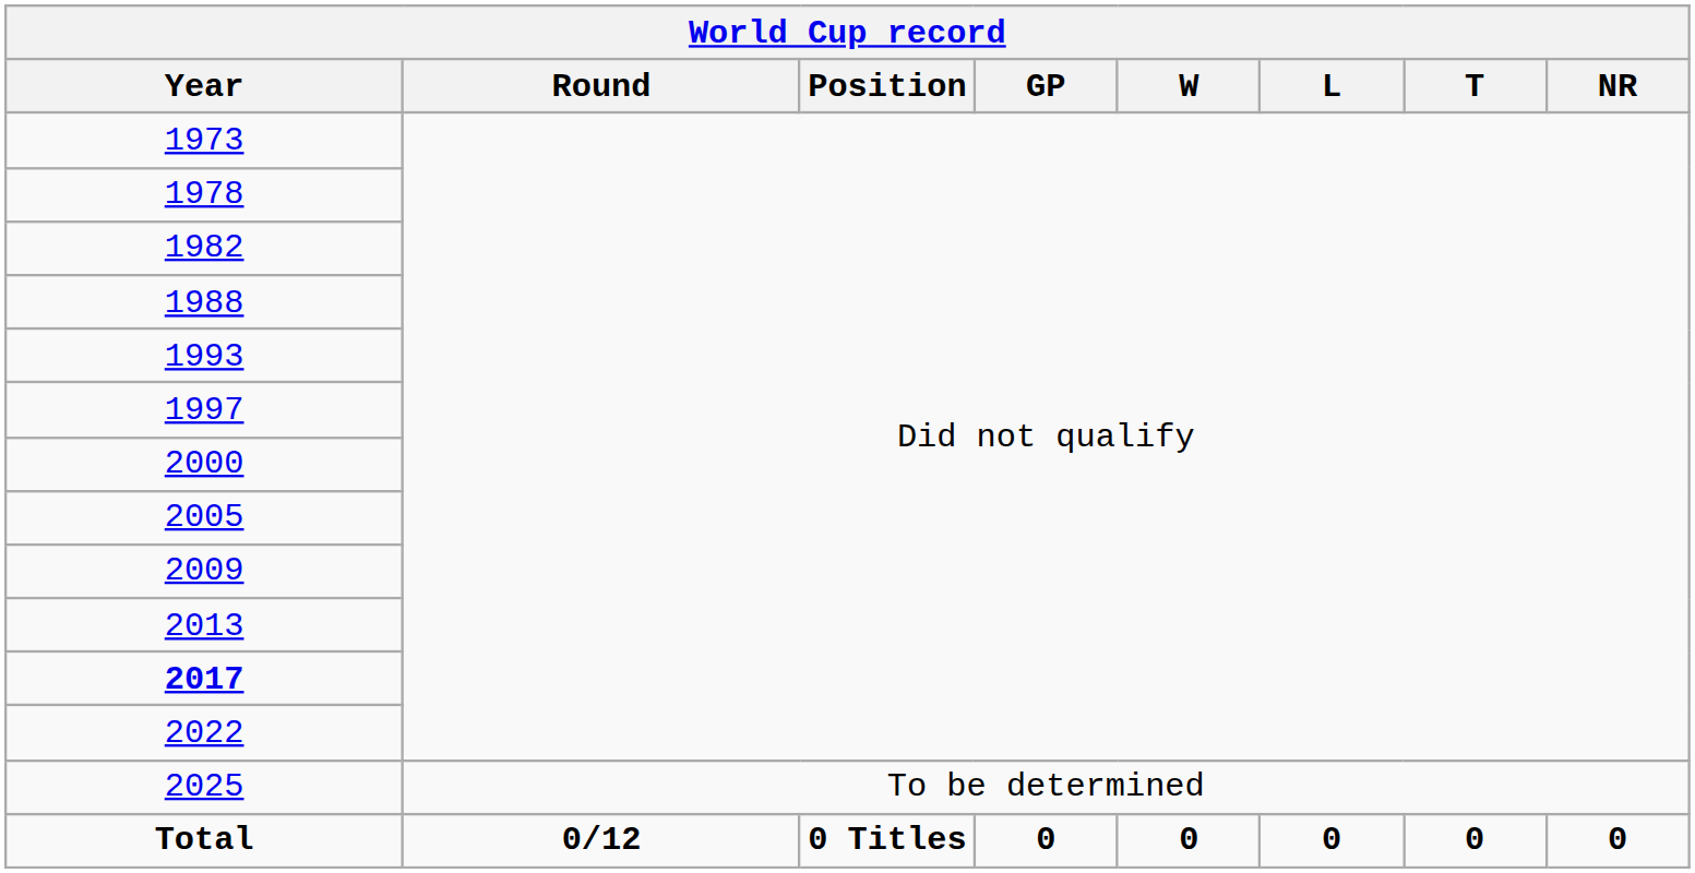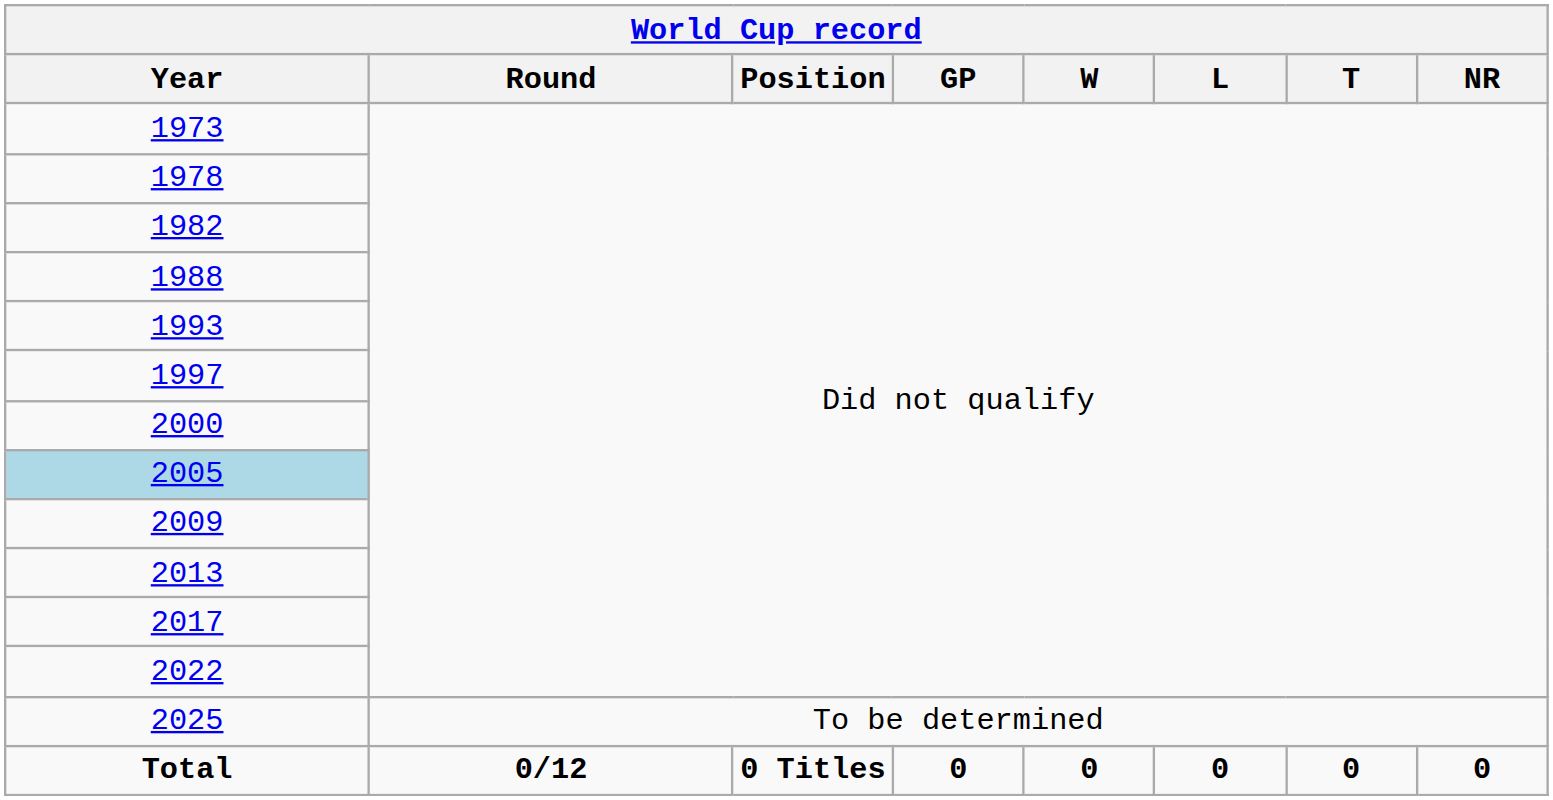 <table class="wikitable" style="text-align: center;">
 <tr>
 <th colspan=8><a href='#'>World Cup record</a></th>
 </tr>
 <tr>
 <th width=150>Year</th>
 <th width=150>Round</th>
 <th width=50>Position</th>
 <th width=50>GP</th>
 <th width=50>W</th>
 <th width=50>L</th>
 <th width=50>T</th>
 <th width=50>NR</th>
 </tr>
 <tr>
 <td> <a href='#'>1973</a></td>
 <td colspan=7  rowspan=12>Did not qualify</td>
 </tr>
 <tr>
 <td> <a href='#'>1978</a></td>
 </tr>
 <tr>
 <td> <a href='#'>1982</a></td>
 </tr>
 <tr>
 <td> <a href='#'>1988</a></td>
 </tr>
 <tr>
 <td> <a href='#'>1993</a></td>
 </tr>
 <tr>
 <td> <a href='#'>1997</a></td>
 </tr>
 <tr>
 <td> <a href='#'>2000</a></td>
 </tr>
 <tr>
-<td> <a href='#'>2005</a></td>
+<td style="background: lightblue;"> <a href='#'>2005</a></td>
 </tr>
 <tr>
 <td> <a href='#'>2009</a></td>
 </tr>
 <tr>
 <td> <a href='#'>2013</a></td>
 </tr>
 <tr>
-<td><strong> <a href='#'>2017</a></strong></td>
+<td> <a href='#'>2017</a></td>
 </tr>
 <tr>
 <td> <a href='#'>2022</a></td>
 </tr>
 <tr>
 <td> <a href='#'>2025</a></td>
 <td colspan=8>To be determined</td>
 </tr>
 <tr>
 <td><strong>Total</strong></td>
 <td><strong>0/12</strong></td>
 <td><strong>0 Titles</strong></td>
 <td><strong>0</strong></td>
 <td><strong>0</strong></td>
 <td><strong>0</strong></td>
 <td><strong>0</strong></td>
 <td><strong>0</strong></td>
 </tr>
 </table>
